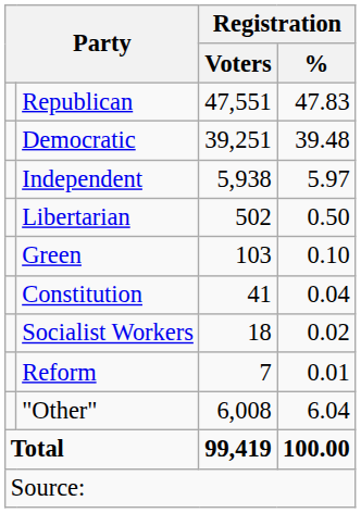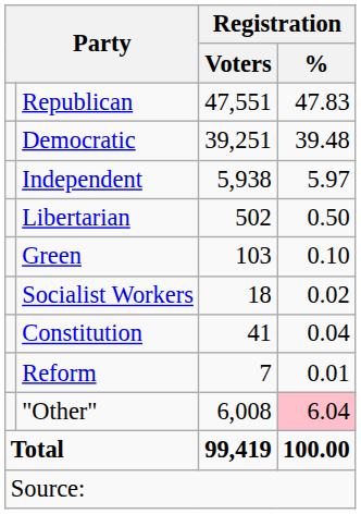 <table class="wikitable">
 <tr>
 <th colspan="2" rowspan="2">Party</th>
 <th colspan="2">Registration</th>
 </tr>
 <tr>
 <th>Voters</th>
 <th>%</th>
 </tr>
 <tr>
 <td style="background-color:"></td>
 <td><a href='#'>Republican</a></td>
 <td style="text-align:right;">47,551</td>
 <td style="text-align:right;">47.83</td>
 </tr>
 <tr>
 <td style="background-color:"></td>
 <td><a href='#'>Democratic</a></td>
 <td style="text-align:right;">39,251</td>
 <td style="text-align:right;">39.48</td>
 </tr>
 <tr>
 <td style="background-color:"></td>
 <td><a href='#'>Independent</a></td>
 <td style="text-align:right;">5,938</td>
 <td style="text-align:right;">5.97</td>
 </tr>
 <tr>
 <td style="background-color:"></td>
 <td><a href='#'>Libertarian</a></td>
 <td style="text-align:right;">502</td>
 <td style="text-align:right;">0.50</td>
 </tr>
 <tr>
 <td style="background-color:"></td>
 <td><a href='#'>Green</a></td>
 <td style="text-align:right;">103</td>
 <td style="text-align:right;">0.10</td>
 </tr>
 <tr>
 <td style="background-color:"></td>
+<td><a href='#'>Socialist Workers</a></td>
+<td style="text-align:right;">18</td>
+<td style="text-align:right;">0.02</td>
+</tr>
+<tr>
+<td style="background-color:"></td>
 <td><a href='#'>Constitution</a></td>
 <td style="text-align:right;">41</td>
 <td style="text-align:right;">0.04</td>
-</tr>
-<tr>
-<td style="background-color:"></td>
-<td><a href='#'>Socialist Workers</a></td>
-<td style="text-align:right;">18</td>
-<td style="text-align:right;">0.02</td>
 </tr>
 <tr>
 <td style="background-color:"></td>
 <td><a href='#'>Reform</a></td>
 <td style="text-align:right;">7</td>
 <td style="text-align:right;">0.01</td>
 </tr>
 <tr>
 <td></td>
 <td>"Other"</td>
 <td style="text-align:right;">6,008</td>
-<td style="text-align:right;">6.04</td>
+<td style="background: pink; text-align:right;">6.04</td>
 </tr>
 <tr>
 <td colspan="2"><strong>Total</strong></td>
 <td style="text-align:right;"><strong>99,419</strong></td>
 <td style="text-align:right;"><strong>100.00</strong></td>
 </tr>
 <tr>
 <td colspan="4">Source: <em></em></td>
 </tr>
 </table>
